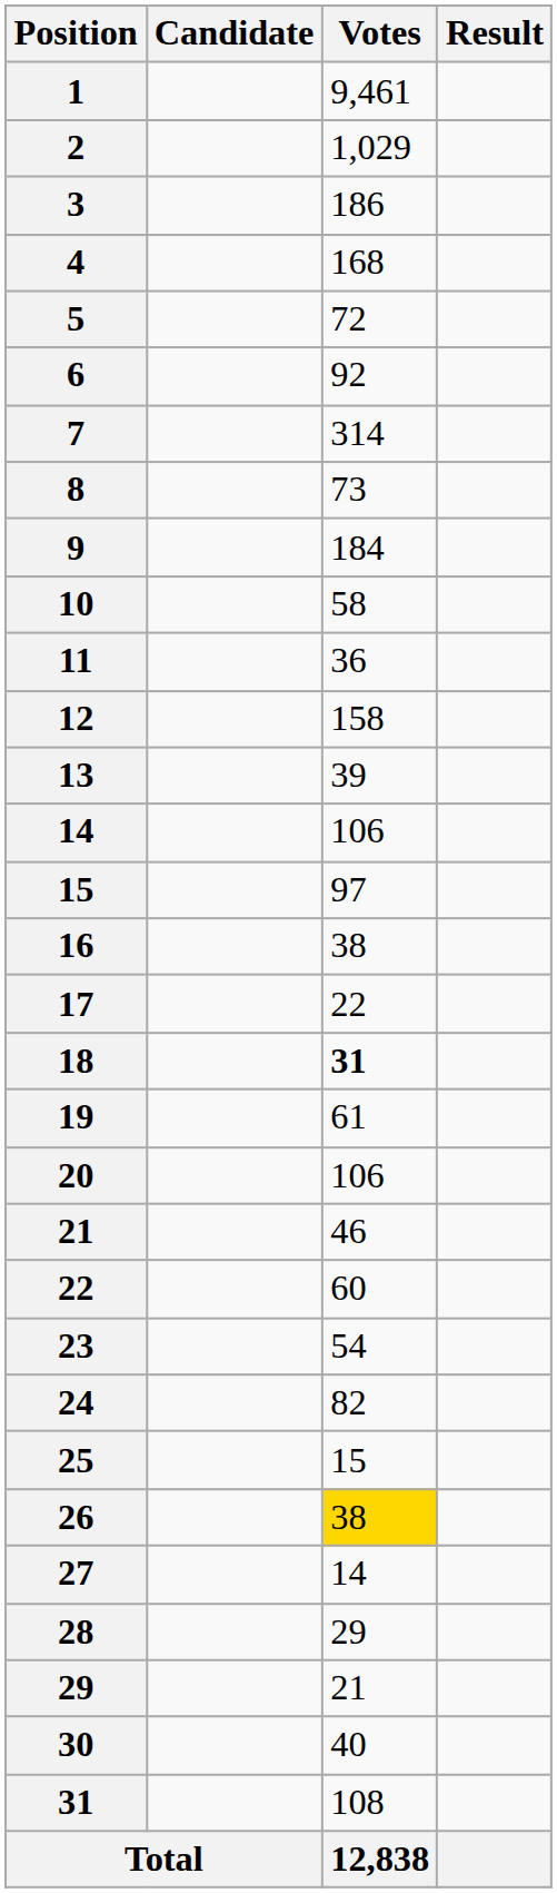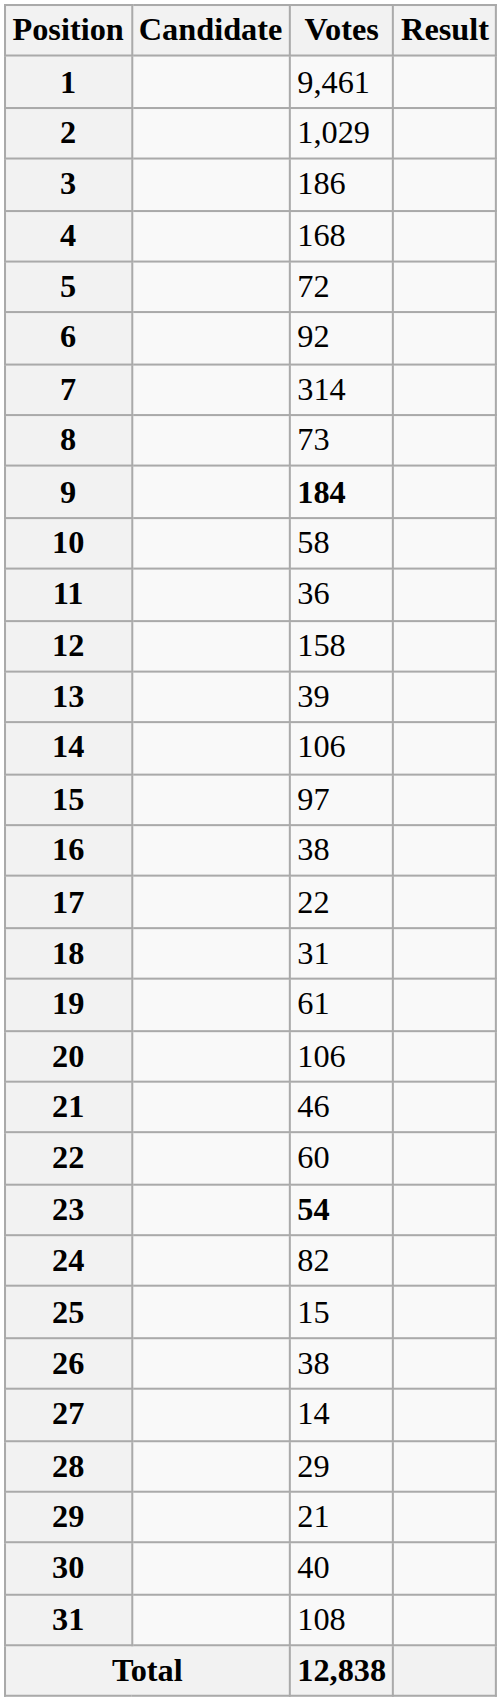 <table class="wikitable sortable col3right">
 <tr>
 <th scope="col">Position</th>
 <th scope="col">Candidate</th>
 <th scope="col">Votes</th>
 <th scope="col">Result</th>
 </tr>
 <tr>
 <th scope="row">1</th>
 <td></td>
 <td>9,461</td>
 <td></td>
 </tr>
 <tr>
 <th scope="row">2</th>
 <td></td>
 <td>1,029</td>
 <td></td>
 </tr>
 <tr>
 <th scope="row">3</th>
 <td></td>
 <td>186</td>
 <td></td>
 </tr>
 <tr>
 <th scope="row">4</th>
 <td></td>
 <td>168</td>
 <td></td>
 </tr>
 <tr>
 <th scope="row">5</th>
 <td></td>
 <td>72</td>
 <td></td>
 </tr>
 <tr>
 <th scope="row">6</th>
 <td></td>
 <td>92</td>
 <td></td>
 </tr>
 <tr>
 <th scope="row">7</th>
 <td></td>
 <td>314</td>
 <td></td>
 </tr>
 <tr>
 <th scope="row">8</th>
 <td></td>
 <td>73</td>
 <td></td>
 </tr>
 <tr>
 <th scope="row">9</th>
 <td></td>
-<td>184</td>
+<td><strong>184</strong></td>
 <td></td>
 </tr>
 <tr>
 <th scope="row">10</th>
 <td></td>
 <td>58</td>
 <td></td>
 </tr>
 <tr>
 <th scope="row">11</th>
 <td></td>
 <td>36</td>
 <td></td>
 </tr>
 <tr>
 <th scope="row">12</th>
 <td></td>
 <td>158</td>
 <td></td>
 </tr>
 <tr>
 <th scope="row">13</th>
 <td></td>
 <td>39</td>
 <td></td>
 </tr>
 <tr>
 <th scope="row">14</th>
 <td></td>
 <td>106</td>
 <td></td>
 </tr>
 <tr>
 <th scope="row">15</th>
 <td></td>
 <td>97</td>
 <td></td>
 </tr>
 <tr>
 <th scope="row">16</th>
 <td></td>
 <td>38</td>
 <td></td>
 </tr>
 <tr>
 <th scope="row">17</th>
 <td></td>
 <td>22</td>
 <td></td>
 </tr>
 <tr>
 <th scope="row">18</th>
 <td></td>
-<td><strong>31</strong></td>
+<td>31</td>
 <td></td>
 </tr>
 <tr>
 <th scope="row">19</th>
 <td></td>
 <td>61</td>
 <td></td>
 </tr>
 <tr>
 <th scope="row">20</th>
 <td></td>
 <td>106</td>
 <td></td>
 </tr>
 <tr>
 <th scope="row">21</th>
 <td></td>
 <td>46</td>
 <td></td>
 </tr>
 <tr>
 <th scope="row">22</th>
 <td></td>
 <td>60</td>
 <td></td>
 </tr>
 <tr>
 <th scope="row">23</th>
 <td></td>
-<td>54</td>
+<td><strong>54</strong></td>
 <td></td>
 </tr>
 <tr>
 <th scope="row">24</th>
 <td></td>
 <td>82</td>
 <td></td>
 </tr>
 <tr>
 <th scope="row">25</th>
 <td></td>
 <td>15</td>
 <td></td>
 </tr>
 <tr>
 <th scope="row">26</th>
 <td></td>
-<td style="background: gold;">38</td>
+<td>38</td>
 <td></td>
 </tr>
 <tr>
 <th scope="row">27</th>
 <td></td>
 <td>14</td>
 <td></td>
 </tr>
 <tr>
 <th scope="row">28</th>
 <td></td>
 <td>29</td>
 <td></td>
 </tr>
 <tr>
 <th scope="row">29</th>
 <td></td>
 <td>21</td>
 <td></td>
 </tr>
 <tr>
 <th scope="row">30</th>
 <td></td>
 <td>40</td>
 <td></td>
 </tr>
 <tr>
 <th scope="row">31</th>
 <td></td>
 <td>108</td>
 <td></td>
 </tr>
 <tr class=sortbottom>
 <th scope="row" colspan="2">Total</th>
 <th style="text-align:right">12,838</th>
 <th></th>
 </tr>
 </table>
